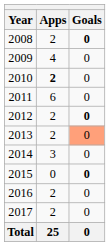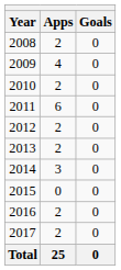 <table class="wikitable" style="text-align:center">
 <tr>
 <th colspan=3></th>
 </tr>
 <tr>
 <th>Year</th>
 <th>Apps</th>
 <th>Goals</th>
 </tr>
 <tr>
 <td>2008</td>
 <td>2</td>
-<td><strong>0</strong></td>
+<td>0</td>
 </tr>
 <tr>
 <td>2009</td>
 <td>4</td>
 <td>0</td>
 </tr>
 <tr>
 <td>2010</td>
-<td><strong>2</strong></td>
+<td>2</td>
 <td>0</td>
 </tr>
 <tr>
 <td>2011</td>
 <td>6</td>
 <td>0</td>
 </tr>
 <tr>
 <td>2012</td>
 <td>2</td>
-<td><strong>0</strong></td>
+<td>0</td>
 </tr>
 <tr>
 <td>2013</td>
 <td>2</td>
-<td style="background: lightsalmon;">0</td>
+<td>0</td>
 </tr>
 <tr>
 <td>2014</td>
 <td>3</td>
 <td>0</td>
 </tr>
 <tr>
 <td>2015</td>
 <td>0</td>
-<td><strong>0</strong></td>
+<td>0</td>
 </tr>
 <tr>
 <td>2016</td>
 <td>2</td>
 <td>0</td>
 </tr>
 <tr>
 <td>2017</td>
 <td>2</td>
 <td>0</td>
 </tr>
 <tr>
 <th>Total</th>
 <th>25</th>
 <th>0</th>
 </tr>
 </table>
